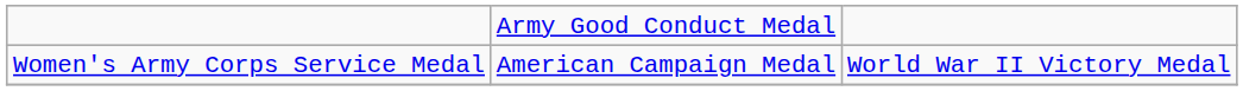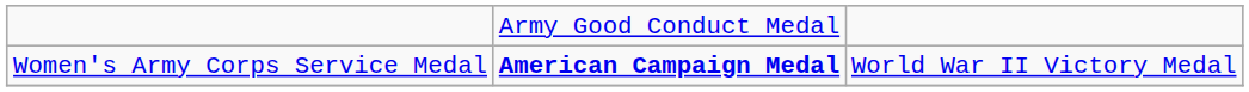 <table class="wikitable" style="margin:1em auto; text-align:center;">
 <tr>
 <td></td>
 <td><a href='#'>Army Good Conduct Medal</a></td>
 <td></td>
 </tr>
 <tr>
 <td><a href='#'>Women's Army Corps Service Medal</a></td>
-<td><a href='#'>American Campaign Medal</a></td>
+<td><strong><a href='#'>American Campaign Medal</a></strong></td>
 <td><a href='#'>World War II Victory Medal</a></td>
 </tr>
 <tr>
 </tr>
 </table>
